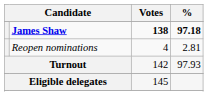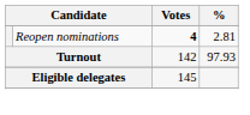 <table class="wikitable plainrowheaders" style="font-size: 95%;">
 <tr style="background-color:#E9E9E9">
 <th scope="col" colspan="2" style="width: 170px">Candidate</th>
 <th scope="col" style="width: 50px">Votes</th>
 <th scope="col" style="width: 40px">%</th>
 </tr>
 <tr>
 </tr>
 <tr>
-<th scope="row" style="background-color: "></th>
-<td style="width: 170px"><strong><a href='#'>James Shaw</a></strong></td>
-<td align="right"><strong>138</strong></td>
-<td align="right"><strong>97.18</strong></td>
-</tr>
-<tr>
 <th scope="row"></th>
 <td><em>Reopen nominations</em></td>
-<td align="right">4</td>
+<td align="right"><strong>4</strong></td>
 <td align="right">2.81</td>
 </tr>
 <tr style="background-color:#F6F6F6">
 <th scope="row" colspan="2" align="right"><strong>Turnout</strong></th>
 <td align="right">142</td>
 <td align="right">97.93</td>
 </tr>
 <tr>
 </tr>
 <tr style="background-color:#F6F6F6">
 <th scope="row" colspan="2" align="right"><strong>Eligible delegates</strong></th>
 <td align="right">145</td>
 <td></td>
 </tr>
 <tr>
 </tr>
 <tr style="background-color:#F6F6F6">
 </tr>
 </table>
